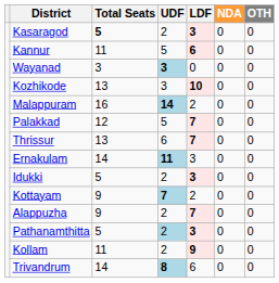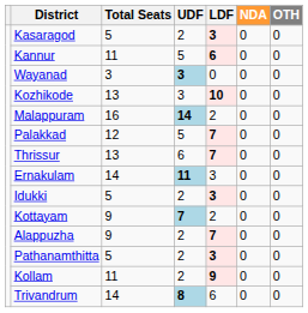 <table class="wikitable sortable" style="text-align:centre;">
 <tr>
 <th></th>
 <th>District</th>
 <th>Total Seats</th>
 <th style="background:">UDF</th>
 <th style="background:">LDF</th>
 <th style="background:#FF9933; color:white;">NDA</th>
 <th style="background:grey; color:white;">OTH</th>
 </tr>
 <tr>
 <td rowspan="14"></td>
 <td><a href='#'>Kasaragod</a></td>
-<td><strong>5</strong></td>
+<td>5</td>
 <td>2</td>
 <td style="background:#FFE6E6"><strong>3</strong></td>
 <td>0</td>
 <td>0</td>
 </tr>
 <tr>
 <td><a href='#'>Kannur</a></td>
 <td>11</td>
 <td>5</td>
 <td style="background:#FFE6E6"><strong>6</strong></td>
 <td>0</td>
 <td>0</td>
 </tr>
 <tr>
 <td><a href='#'>Wayanad</a></td>
 <td>3</td>
 <td style="background:#ADD8E6"><strong>3</strong></td>
 <td>0</td>
 <td>0</td>
 <td>0</td>
 </tr>
 <tr>
 <td><a href='#'>Kozhikode</a></td>
 <td>13</td>
 <td>3</td>
 <td style="background:#FFE6E6"><strong>10</strong></td>
 <td>0</td>
 <td>0</td>
 </tr>
 <tr>
 <td><a href='#'>Malappuram</a></td>
 <td>16</td>
 <td style="background:#ADD8E6"><strong>14</strong></td>
 <td>2</td>
 <td>0</td>
 <td>0</td>
 </tr>
 <tr>
 <td><a href='#'>Palakkad</a></td>
 <td>12</td>
 <td>5</td>
 <td style="background:#FFE6E6"><strong>7</strong></td>
 <td>0</td>
 <td>0</td>
 </tr>
 <tr>
 <td><a href='#'>Thrissur</a></td>
 <td>13</td>
 <td>6</td>
 <td style="background:#FFE6E6"><strong>7</strong></td>
 <td>0</td>
 <td>0</td>
 </tr>
 <tr>
 <td><a href='#'>Ernakulam</a></td>
 <td>14</td>
 <td style="background:#ADD8E6"><strong>11</strong></td>
 <td>3</td>
 <td>0</td>
 <td>0</td>
 </tr>
 <tr>
 <td><a href='#'>Idukki</a></td>
 <td>5</td>
 <td>2</td>
 <td style="background:#FFE6E6"><strong>3</strong></td>
 <td>0</td>
 <td>0</td>
 </tr>
 <tr>
 <td><a href='#'>Kottayam</a></td>
 <td>9</td>
 <td style="background:#ADD8E6"><strong>7</strong></td>
 <td>2</td>
 <td>0</td>
 <td>0</td>
 </tr>
 <tr>
 <td><a href='#'>Alappuzha</a></td>
 <td>9</td>
 <td>2</td>
 <td style="background:#FFE6E6"><strong>7</strong></td>
 <td>0</td>
 <td>0</td>
 </tr>
 <tr>
 <td><a href='#'>Pathanamthitta</a></td>
 <td>5</td>
-<td style="background: lightblue;">2</td>
+<td>2</td>
 <td style="background:#FFE6E6"><strong>3</strong></td>
 <td>0</td>
 <td>0</td>
 </tr>
 <tr>
 <td><a href='#'>Kollam</a></td>
 <td>11</td>
 <td>2</td>
 <td style="background:#FFE6E6"><strong>9</strong></td>
 <td>0</td>
 <td>0</td>
 </tr>
 <tr>
 <td><a href='#'>Trivandrum</a></td>
 <td>14</td>
 <td style="background:#ADD8E6"><strong>8</strong></td>
 <td>6</td>
 <td>0</td>
 <td>0</td>
 </tr>
 </table>
